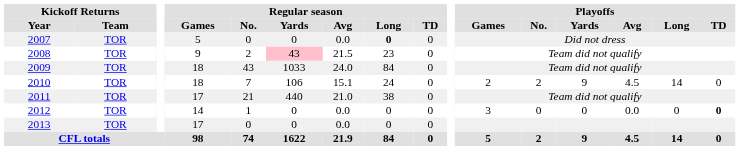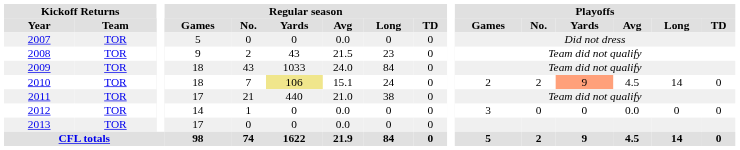 <table BORDER="0" CELLPADDING="1" CELLSPACING="0" width="65%" style="text-align:center">
 <tr bgcolor="#e0e0e0">
 <th colspan="2">Kickoff Returns</th>
 <th rowspan="99" bgcolor="#ffffff"> </th>
 <th colspan="6">Regular season</th>
 <th rowspan="99" bgcolor="#ffffff"> </th>
 <th colspan="6">Playoffs</th>
 </tr>
 <tr bgcolor="#e0e0e0">
 <th>Year</th>
 <th>Team</th>
 <th>Games</th>
 <th>No.</th>
 <th>Yards</th>
 <th>Avg</th>
 <th>Long</th>
 <th>TD</th>
 <th>Games</th>
 <th>No.</th>
 <th>Yards</th>
 <th>Avg</th>
 <th>Long</th>
 <th>TD</th>
 </tr>
 <tr ALIGN="center" bgcolor="#f0f0f0">
 <td><a href='#'>2007</a></td>
 <td><a href='#'>TOR</a></td>
 <td>5</td>
 <td>0</td>
 <td>0</td>
 <td>0.0</td>
-<td><strong>0</strong></td>
+<td>0</td>
 <td>0</td>
 <td colspan="6"><em>Did not dress</em></td>
 </tr>
 <tr ALIGN="center">
 <td><a href='#'>2008</a></td>
 <td><a href='#'>TOR</a></td>
 <td>9</td>
 <td>2</td>
-<td style="background: pink;">43</td>
+<td>43</td>
 <td>21.5</td>
 <td>23</td>
 <td>0</td>
 <td colspan="6"><em>Team did not qualify</em></td>
 </tr>
 <tr ALIGN="center" bgcolor="#f0f0f0">
 <td><a href='#'>2009</a></td>
 <td><a href='#'>TOR</a></td>
 <td>18</td>
 <td>43</td>
 <td>1033</td>
 <td>24.0</td>
 <td>84</td>
 <td>0</td>
 <td colspan="6"><em>Team did not qualify</em></td>
 </tr>
 <tr ALIGN="center">
 <td><a href='#'>2010</a></td>
 <td><a href='#'>TOR</a></td>
 <td>18</td>
 <td>7</td>
-<td>106</td>
+<td style="background: khaki;">106</td>
 <td>15.1</td>
 <td>24</td>
 <td>0</td>
 <td>2</td>
 <td>2</td>
-<td>9</td>
+<td style="background: lightsalmon;">9</td>
 <td>4.5</td>
 <td>14</td>
 <td>0</td>
 </tr>
 <tr ALIGN="center" bgcolor="#f0f0f0">
 <td><a href='#'>2011</a></td>
 <td><a href='#'>TOR</a></td>
 <td>17</td>
 <td>21</td>
 <td>440</td>
 <td>21.0</td>
 <td>38</td>
 <td>0</td>
 <td colspan="6"><em>Team did not qualify</em></td>
 </tr>
 <tr ALIGN="center">
 <td><a href='#'>2012</a></td>
 <td><a href='#'>TOR</a></td>
 <td>14</td>
 <td>1</td>
 <td>0</td>
 <td>0.0</td>
 <td>0</td>
 <td>0</td>
 <td>3</td>
 <td>0</td>
 <td>0</td>
 <td>0.0</td>
 <td>0</td>
-<td><strong>0</strong></td>
+<td>0</td>
 </tr>
 <tr ALIGN="center" bgcolor="#f0f0f0">
 <td><a href='#'>2013</a></td>
 <td><a href='#'>TOR</a></td>
 <td>17</td>
 <td>0</td>
 <td>0</td>
 <td>0.0</td>
 <td>0</td>
 <td>0</td>
 <td></td>
 <td></td>
 <td></td>
 <td></td>
 <td></td>
 <td></td>
 </tr>
 <tr bgcolor="#e0e0e0">
 <th colspan="3"><a href='#'>CFL totals</a></th>
 <th>98</th>
 <th>74</th>
 <th>1622</th>
 <th>21.9</th>
 <th>84</th>
 <th>0</th>
 <th>5</th>
 <th>2</th>
 <th>9</th>
 <th>4.5</th>
 <th>14</th>
 <th>0</th>
 </tr>
 </table>
